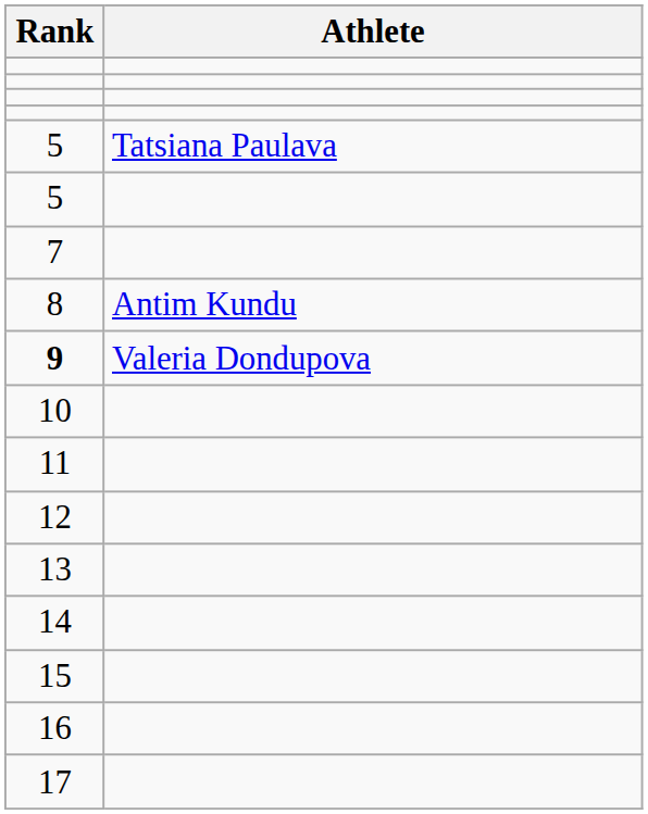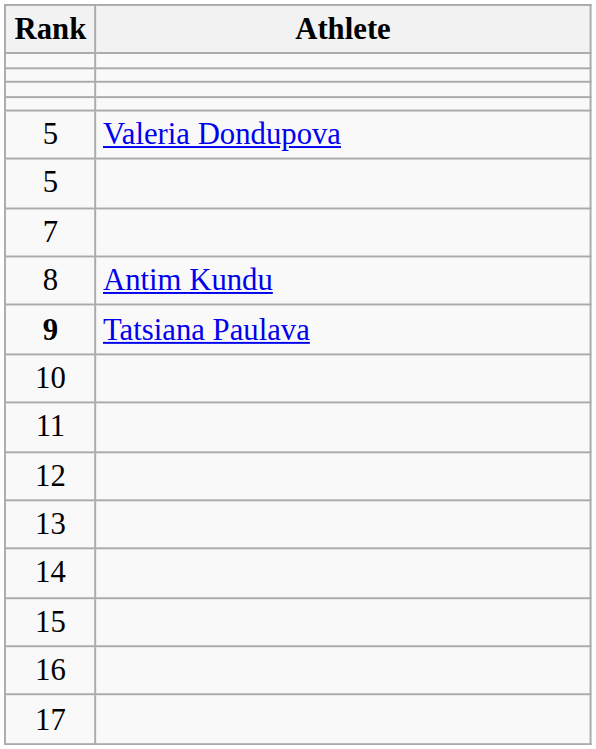 <table class="wikitable" style="text-align: center;">
 <tr>
 <th width=40>Rank</th>
 <th width=250>Athlete</th>
 </tr>
 <tr>
 <td></td>
 <td align="left"></td>
 </tr>
 <tr>
 <td></td>
 <td align="left"></td>
 </tr>
 <tr>
 <td></td>
 <td align="left"></td>
 </tr>
 <tr>
 <td></td>
 <td align="left"></td>
 </tr>
 <tr>
 <td>5</td>
-<td align="left"> <a href='#'>Tatsiana Paulava</a> </td>
+<td align="left"> <a href='#'>Valeria Dondupova</a> </td>
 </tr>
 <tr>
 <td>5</td>
 <td align="left"></td>
 </tr>
 <tr>
 <td>7</td>
 <td align="left"></td>
 </tr>
 <tr>
 <td>8</td>
 <td align="left"> <a href='#'>Antim Kundu</a> </td>
 </tr>
 <tr>
 <td><strong>9</strong></td>
-<td align="left"> <a href='#'>Valeria Dondupova</a> </td>
+<td align="left"> <a href='#'>Tatsiana Paulava</a> </td>
 </tr>
 <tr>
 <td>10</td>
 <td align="left"></td>
 </tr>
 <tr>
 <td>11</td>
 <td align="left"></td>
 </tr>
 <tr>
 <td>12</td>
 <td align="left"></td>
 </tr>
 <tr>
 <td>13</td>
 <td align="left"></td>
 </tr>
 <tr>
 <td>14</td>
 <td align="left"></td>
 </tr>
 <tr>
 <td>15</td>
 <td align="left"></td>
 </tr>
 <tr>
 <td>16</td>
 <td align="left"></td>
 </tr>
 <tr>
 <td>17</td>
 <td align="left"></td>
 </tr>
 </table>
